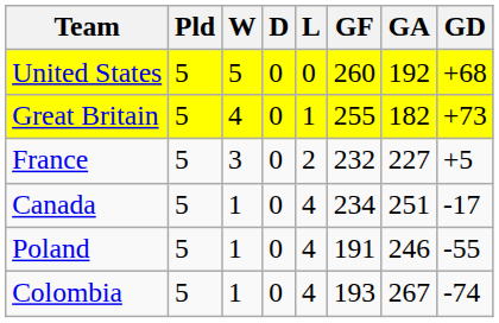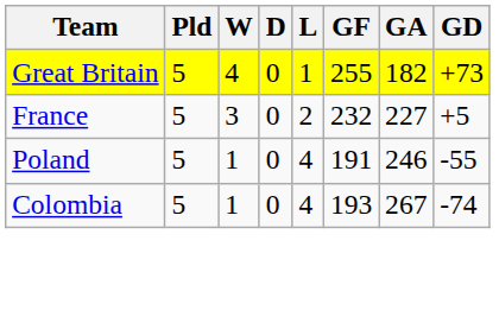 <table class="wikitable" border="1">
 <tr>
 <th>Team</th>
 <th>Pld</th>
 <th>W</th>
 <th>D</th>
 <th>L</th>
 <th>GF</th>
 <th>GA</th>
 <th>GD</th>
-</tr>
-<tr style="background:#ffff00">
-<td> <a href='#'>United States</a></td>
-<td>5</td>
-<td>5</td>
-<td>0</td>
-<td>0</td>
-<td>260</td>
-<td>192</td>
-<td>+68</td>
 </tr>
 <tr style="background:#ffff00">
 <td> <a href='#'>Great Britain</a></td>
 <td>5</td>
 <td>4</td>
 <td>0</td>
 <td>1</td>
 <td>255</td>
 <td>182</td>
 <td>+73</td>
 </tr>
 <tr>
 <td> <a href='#'>France</a></td>
 <td>5</td>
 <td>3</td>
 <td>0</td>
 <td>2</td>
 <td>232</td>
 <td>227</td>
 <td>+5</td>
 </tr>
 <tr>
-<td> <a href='#'>Canada</a></td>
-<td>5</td>
-<td>1</td>
-<td>0</td>
-<td>4</td>
-<td>234</td>
-<td>251</td>
-<td>-17</td>
-</tr>
-<tr>
 <td> <a href='#'>Poland</a></td>
 <td>5</td>
 <td>1</td>
 <td>0</td>
 <td>4</td>
 <td>191</td>
 <td>246</td>
 <td>-55</td>
 </tr>
 <tr>
 <td> <a href='#'>Colombia</a></td>
 <td>5</td>
 <td>1</td>
 <td>0</td>
 <td>4</td>
 <td>193</td>
 <td>267</td>
 <td>-74</td>
 </tr>
 </table>
